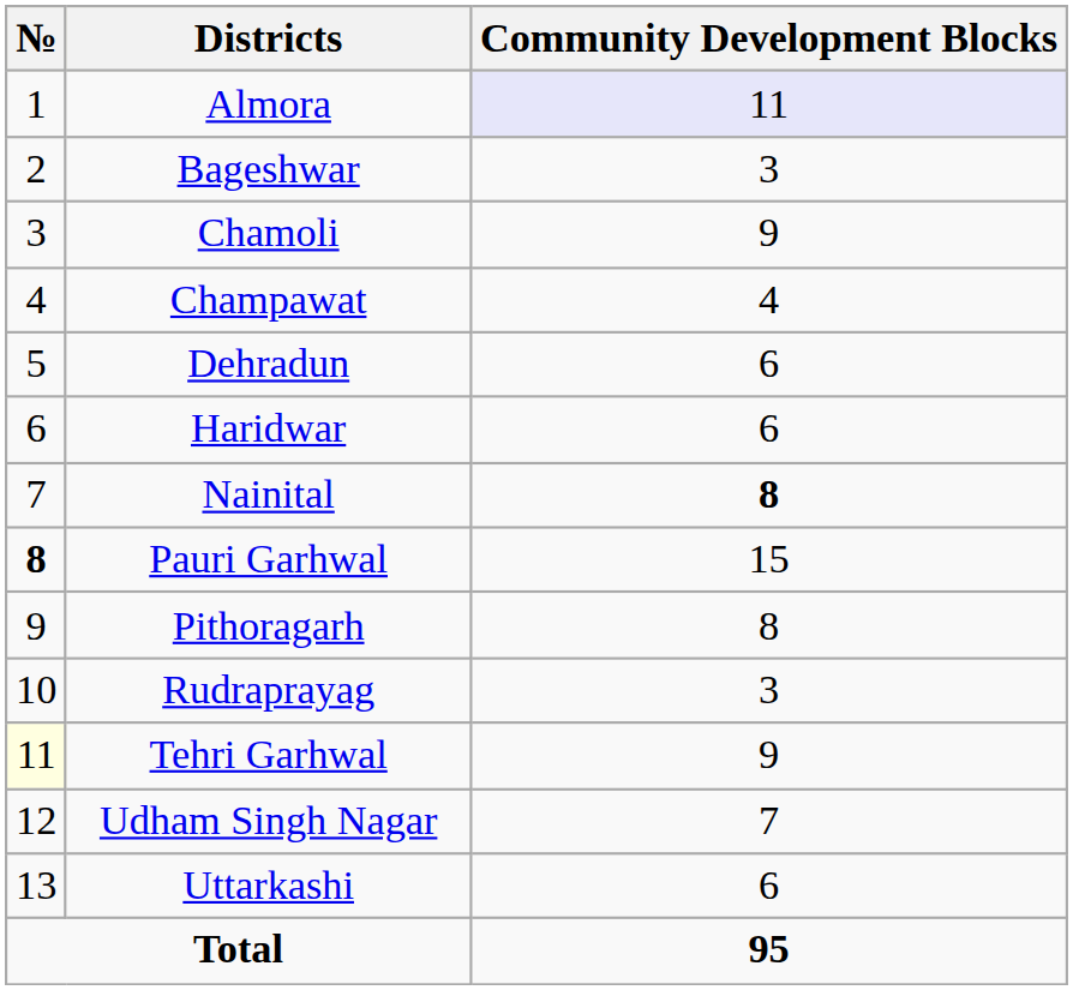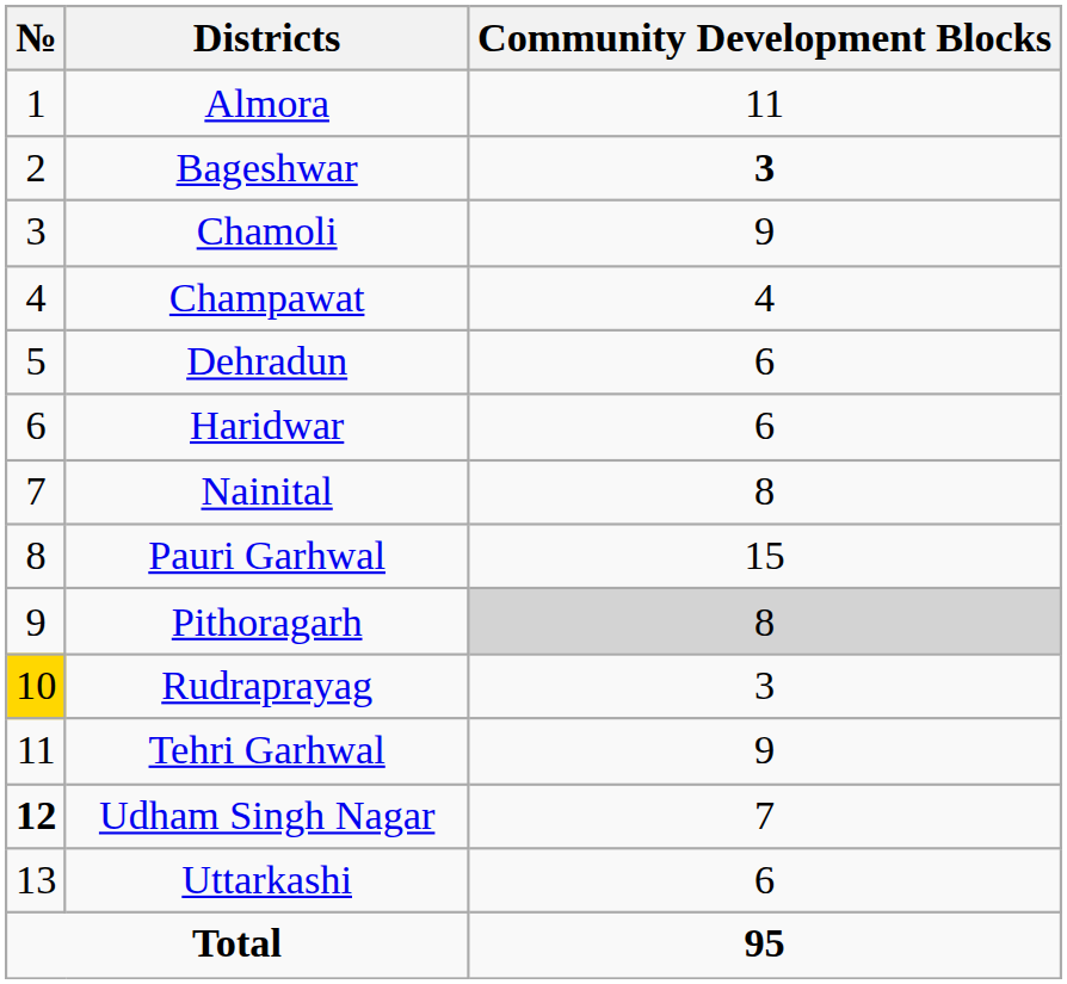 <table class="wikitable sortable" style="text-align:center">
 <tr style="background:#ffffdd; color:#000;">
 <th>№</th>
 <th align=Centre width=150px>Districts</th>
 <th>Community Development Blocks</th>
 </tr>
 <tr valign=top>
 <td>1</td>
 <td><a href='#'>Almora</a></td>
-<td style="background: lavender;">11</td>
+<td>11</td>
 </tr>
 <tr valign=top>
 <td>2</td>
 <td><a href='#'>Bageshwar</a></td>
-<td>3</td>
+<td><strong>3</strong></td>
 </tr>
 <tr valign=top>
 <td>3</td>
 <td><a href='#'>Chamoli</a></td>
 <td>9</td>
 </tr>
 <tr valign=top>
 <td>4</td>
 <td><a href='#'>Champawat</a></td>
 <td>4</td>
 </tr>
 <tr valign=top>
 <td>5</td>
 <td><a href='#'>Dehradun</a></td>
 <td>6</td>
 </tr>
 <tr valign=top>
 <td>6</td>
 <td><a href='#'>Haridwar</a></td>
 <td>6</td>
 </tr>
 <tr valign=top>
 <td>7</td>
 <td><a href='#'>Nainital</a></td>
-<td><strong>8</strong></td>
+<td>8</td>
 </tr>
 <tr valign=top>
-<td><strong>8</strong></td>
+<td>8</td>
 <td><a href='#'>Pauri Garhwal</a></td>
 <td>15</td>
 </tr>
 <tr valign=top>
 <td>9</td>
 <td><a href='#'>Pithoragarh</a></td>
-<td>8</td>
+<td style="background: lightgrey;">8</td>
 </tr>
 <tr valign=top>
-<td>10</td>
+<td style="background: gold;">10</td>
 <td><a href='#'>Rudraprayag</a></td>
 <td>3</td>
 </tr>
 <tr valign=top>
-<td style="background: lightyellow;">11</td>
+<td>11</td>
 <td><a href='#'>Tehri Garhwal</a></td>
 <td>9</td>
 </tr>
 <tr valign=top>
-<td>12</td>
+<td><strong>12</strong></td>
 <td><a href='#'>Udham Singh Nagar</a></td>
 <td>7</td>
 </tr>
 <tr valign=top>
 <td>13</td>
 <td><a href='#'>Uttarkashi</a></td>
 <td>6</td>
 </tr>
 <tr>
 <td colspan="2"><strong>Total</strong></td>
 <td><strong>95</strong></td>
 </tr>
 </table>
